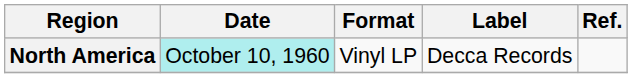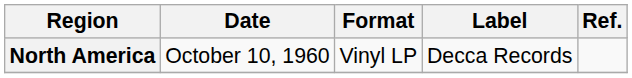 <table class="wikitable plainrowheaders">
 <tr>
 <th scope="col">Region</th>
 <th scope="col">Date</th>
 <th scope="col">Format</th>
 <th scope="col">Label</th>
 <th scope="col">Ref.</th>
 </tr>
 <tr>
 <th scope="row">North America</th>
-<td style="background: paleturquoise;">October 10, 1960</td>
+<td>October 10, 1960</td>
 <td>Vinyl LP</td>
 <td>Decca Records</td>
 <td></td>
 </tr>
 <tr>
 </tr>
 </table>
